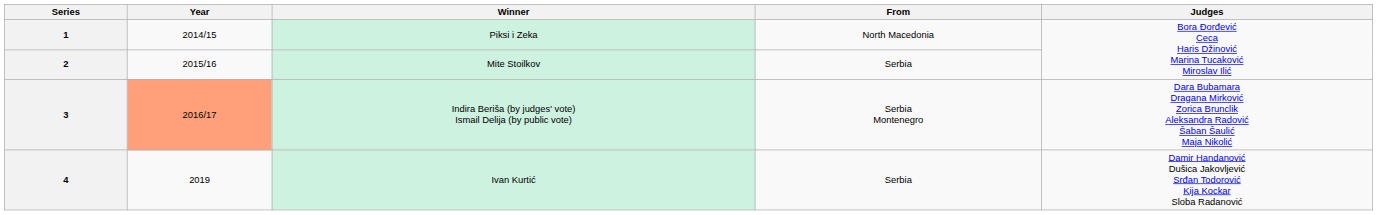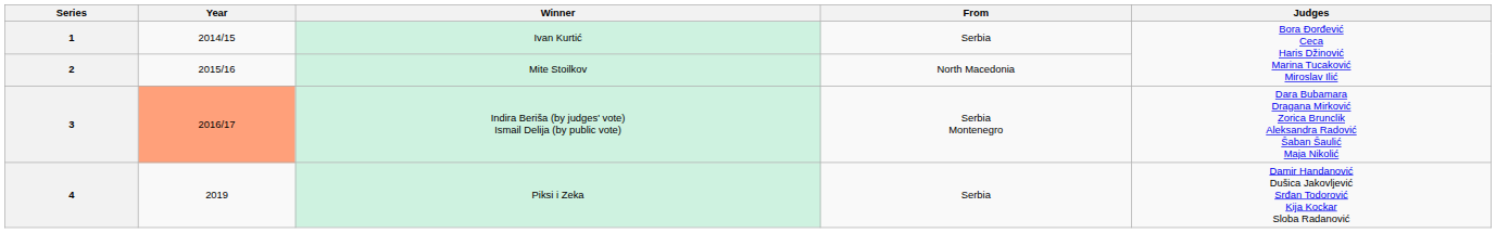 <table class="wikitable" style="text-align:center; font-size:85%; line-height:16px; width:100%;">
 <tr>
 <th scope="col">Series</th>
 <th scope="col">Year</th>
 <th scope="col">Winner</th>
 <th scope="col">From</th>
 <th scope="col">Judges</th>
 </tr>
 <tr>
 <th scope="row">1</th>
 <td>2014/15</td>
-<td style="background:#CEF2E0;">Piksi i Zeka</td>
-<td>North Macedonia</td>
+<td style="background:#CEF2E0;">Ivan Kurtić</td>
+<td>Serbia</td>
 <td rowspan="2"><a href='#'>Bora Đorđević</a><br><a href='#'>Ceca</a><br><a href='#'>Haris Džinović</a><br><a href='#'>Marina Tucaković</a><br><a href='#'>Miroslav Ilić</a></td>
 </tr>
 <tr>
 <th scope="row">2</th>
 <td>2015/16</td>
 <td style="background:#CEF2E0;">Mite Stoilkov</td>
-<td>Serbia</td>
+<td>North Macedonia</td>
 </tr>
 <tr>
 <th scope="row">3</th>
 <td style="background: lightsalmon;">2016/17</td>
 <td style="background:#CEF2E0;">Indira Beriša (by judges' vote) <br> Ismail Delija (by public vote)</td>
 <td>Serbia<br>Montenegro</td>
 <td><a href='#'>Dara Bubamara</a><br><a href='#'>Dragana Mirković</a><br><a href='#'>Zorica Brunclik</a><br><a href='#'>Aleksandra Radović</a><br><a href='#'>Šaban Šaulić</a><br><a href='#'>Maja Nikolić</a></td>
 </tr>
 <tr>
 <th scope="row">4</th>
 <td>2019</td>
-<td style="background:#CEF2E0;">Ivan Kurtić</td>
+<td style="background:#CEF2E0;">Piksi i Zeka</td>
 <td>Serbia</td>
 <td><a href='#'>Damir Handanović</a><br>Dušica Jakovljević<br><a href='#'>Srđan Todorović</a><br><a href='#'>Kija Kockar</a><br>Sloba Radanović</td>
 </tr>
 </table>
